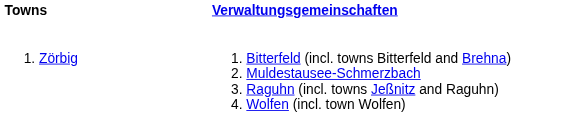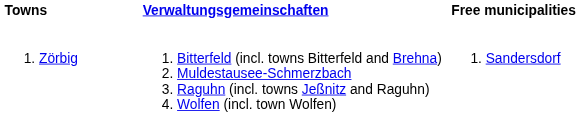 <table>
 <tr>
 <th width=20% align=left>Towns</th>
 <th width=45% align=left><a href='#'>Verwaltungsgemeinschaften</a></th>
+<th width=33% align=left>Free municipalities</th>
 </tr>
 <tr valign=top>
 <td><br><ol><li><a href='#'>Zörbig</a></li></ol></td>
 <td><br><ol><li><a href='#'>Bitterfeld</a> (incl. towns Bitterfeld and <a href='#'>Brehna</a>)</li><li><a href='#'>Muldestausee-Schmerzbach</a></li><li><a href='#'>Raguhn</a> (incl. towns <a href='#'>Jeßnitz</a> and Raguhn)</li><li><a href='#'>Wolfen</a> (incl. town Wolfen)</li></ol></td>
+<td><br><ol><li><a href='#'>Sandersdorf</a></li></ol></td>
 </tr>
 </table>
